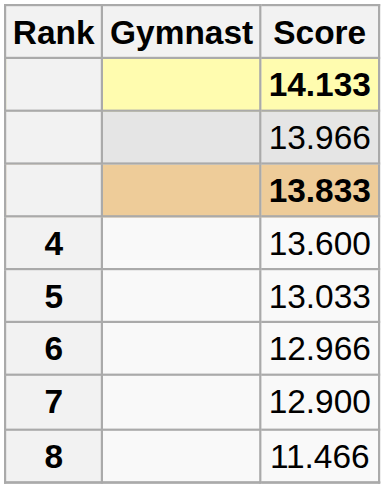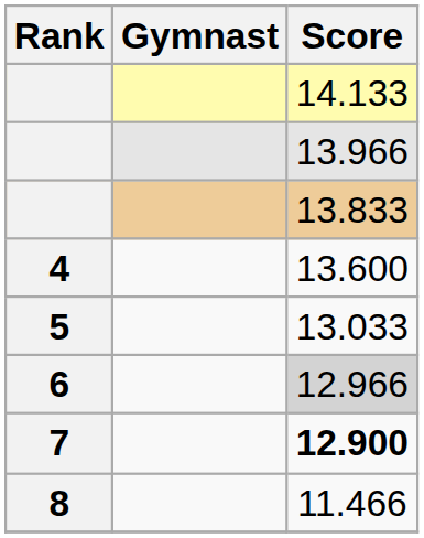 <table class="wikitable sortable" style="text-align:center; font-size:95%">
 <tr>
 <th scope=col>Rank</th>
 <th scope=col>Gymnast</th>
 <th scope=col>Score</th>
 </tr>
 <tr bgcolor=fffcaf>
 <th scope=row style="text-align:center"></th>
 <td align=left></td>
-<td><strong>14.133</strong></td>
+<td>14.133</td>
 </tr>
 <tr bgcolor=e5e5e5>
 <th scope=row style="text-align:center"></th>
 <td align=left></td>
 <td>13.966</td>
 </tr>
 <tr bgcolor=eecc99>
 <th scope=row style="text-align:center"></th>
 <td align=left></td>
-<td><strong>13.833</strong></td>
+<td>13.833</td>
 </tr>
 <tr>
 <th>4</th>
 <td align=left></td>
 <td>13.600</td>
 </tr>
 <tr>
 <th>5</th>
 <td align=left></td>
 <td>13.033</td>
 </tr>
 <tr>
 <th>6</th>
 <td align=left></td>
-<td>12.966</td>
+<td style="background: lightgrey;">12.966</td>
 </tr>
 <tr>
 <th>7</th>
 <td align=left></td>
-<td>12.900</td>
+<td><strong>12.900</strong></td>
 </tr>
 <tr>
 <th>8</th>
 <td align=left></td>
 <td>11.466</td>
 </tr>
 <tr>
 </tr>
 </table>
